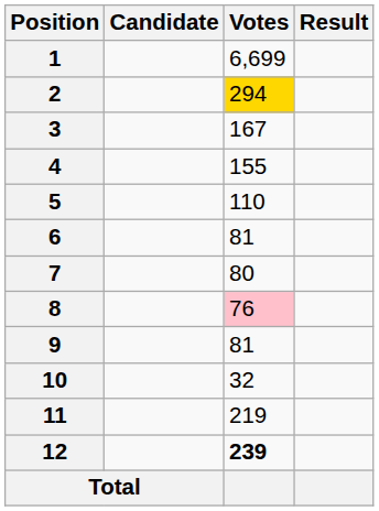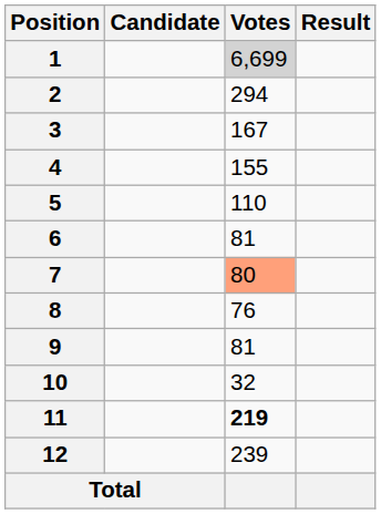 <table class="wikitable sortable col3right">
 <tr>
 <th scope="col">Position</th>
 <th scope="col">Candidate</th>
 <th scope="col">Votes</th>
 <th scope="col">Result</th>
 </tr>
 <tr>
 <th scope="row">1</th>
 <td></td>
-<td>6,699</td>
+<td style="background: lightgrey;">6,699</td>
 <td></td>
 </tr>
 <tr>
 <th scope="row">2</th>
 <td></td>
-<td style="background: gold;">294</td>
+<td>294</td>
 <td></td>
 </tr>
 <tr>
 <th scope="row">3</th>
 <td></td>
 <td>167</td>
 <td></td>
 </tr>
 <tr>
 <th scope="row">4</th>
 <td></td>
 <td>155</td>
 <td></td>
 </tr>
 <tr>
 <th scope="row">5</th>
 <td></td>
 <td>110</td>
 <td></td>
 </tr>
 <tr>
 <th scope="row">6</th>
 <td></td>
 <td>81</td>
 <td></td>
 </tr>
 <tr>
 <th scope="row">7</th>
 <td></td>
-<td>80</td>
+<td style="background: lightsalmon;">80</td>
 <td></td>
 </tr>
 <tr>
 <th scope="row">8</th>
 <td></td>
-<td style="background: pink;">76</td>
+<td>76</td>
 <td></td>
 </tr>
 <tr>
 <th scope="row">9</th>
 <td></td>
 <td>81</td>
 <td></td>
 </tr>
 <tr>
 <th scope="row">10</th>
 <td></td>
 <td>32</td>
 <td></td>
 </tr>
 <tr>
 <th scope="row">11</th>
 <td></td>
-<td>219</td>
+<td><strong>219</strong></td>
 <td></td>
 </tr>
 <tr>
 <th scope="row">12</th>
 <td></td>
-<td><strong>239</strong></td>
+<td>239</td>
 <td></td>
 </tr>
 <tr class="sortbottom">
 <th scope="row" colspan="2">Total</th>
 <th></th>
 <th></th>
 </tr>
 </table>
